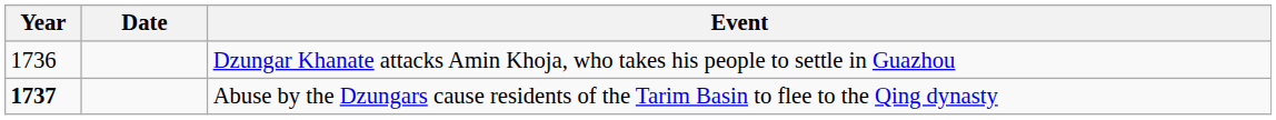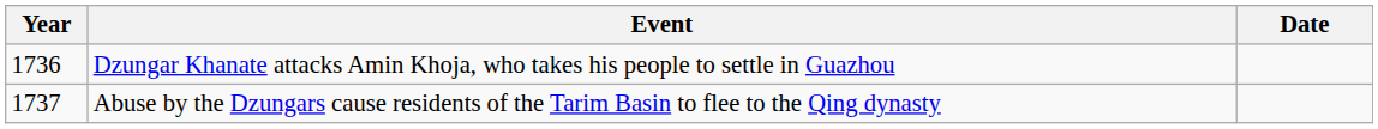 <table class="wikitable" width="100%">
 <tr>
 <th style="width:6%">Year</th>
+<th>Event</th>
 <th style="width:10%">Date</th>
-<th>Event</th>
 </tr>
 <tr>
 <td>1736</td>
+<td><a href='#'>Dzungar Khanate</a> attacks Amin Khoja, who takes his people to settle in <a href='#'>Guazhou</a></td>
 <td></td>
-<td><a href='#'>Dzungar Khanate</a> attacks Amin Khoja, who takes his people to settle in <a href='#'>Guazhou</a></td>
 </tr>
 <tr>
-<td><strong>1737</strong></td>
+<td>1737</td>
+<td>Abuse by the <a href='#'>Dzungars</a> cause residents of the <a href='#'>Tarim Basin</a> to flee to the <a href='#'>Qing dynasty</a></td>
 <td></td>
-<td>Abuse by the <a href='#'>Dzungars</a> cause residents of the <a href='#'>Tarim Basin</a> to flee to the <a href='#'>Qing dynasty</a></td>
 </tr>
 </table>
